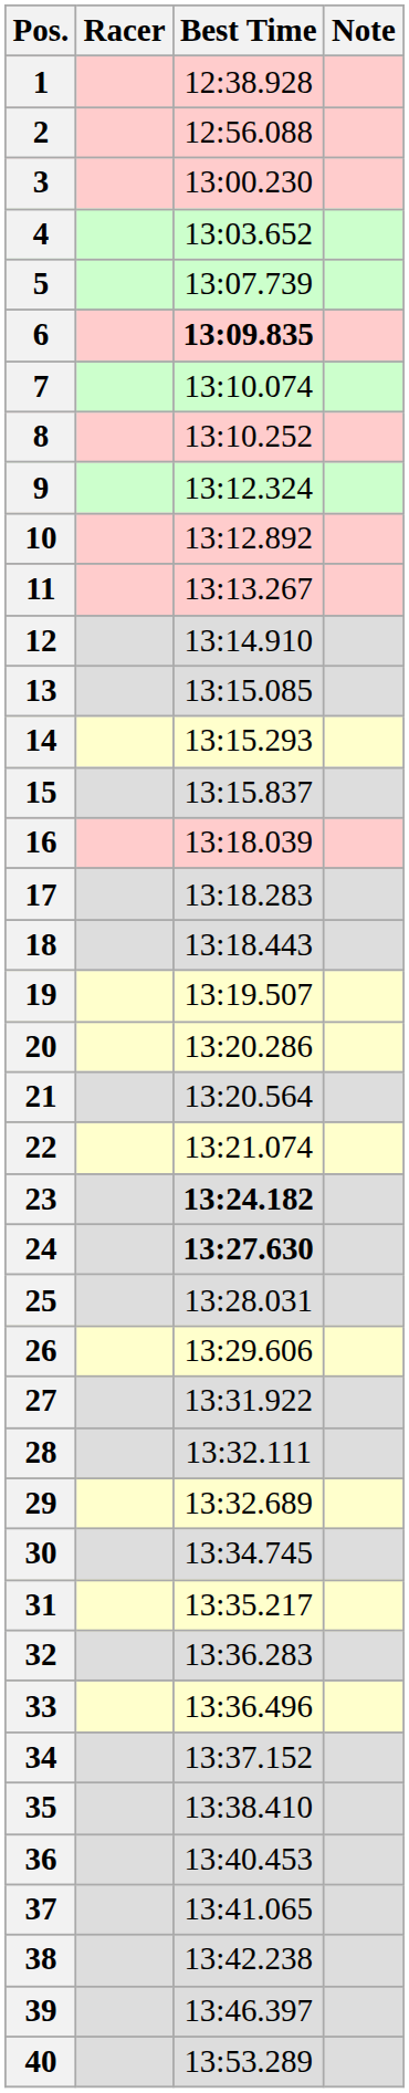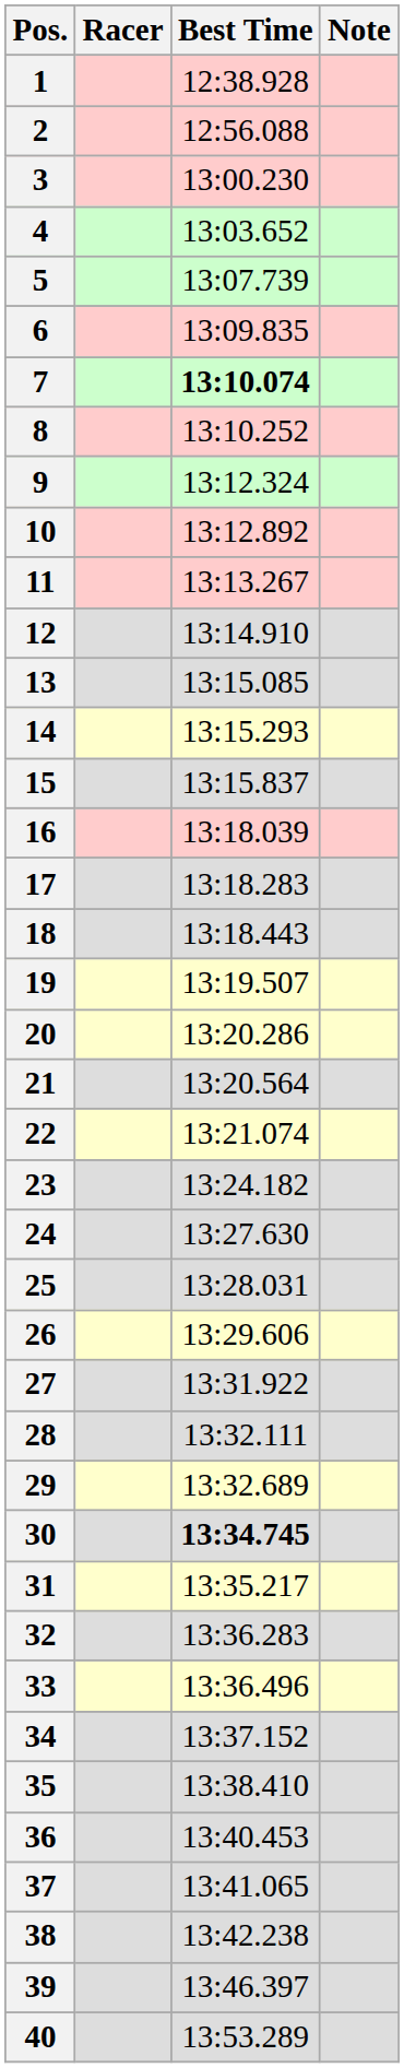 <table class="wikitable sortable plainrowheaders" style="text-align:center;">
 <tr>
 <th scope="col">Pos.</th>
 <th scope="col">Racer</th>
 <th scope="col">Best Time</th>
 <th scope="col">Note</th>
 </tr>
 <tr bgcolor=#ffcccc>
 <th style="text - align:center; ">1</th>
 <td align="left"></td>
 <td>12:38.928</td>
 <td></td>
 </tr>
 <tr bgcolor=#ffcccc>
 <th style="text - align:center; ">2</th>
 <td align="left"></td>
 <td>12:56.088</td>
 <td></td>
 </tr>
 <tr bgcolor=#ffcccc>
 <th style="text - align:center; ">3</th>
 <td align="left"></td>
 <td>13:00.230</td>
 <td></td>
 </tr>
 <tr bgcolor=#ccffcc>
 <th style="text - align:center; ">4</th>
 <td align="left"></td>
 <td>13:03.652</td>
 <td></td>
 </tr>
 <tr bgcolor=#ccffcc>
 <th style="text - align:center; ">5</th>
 <td align="left"></td>
 <td>13:07.739</td>
 <td></td>
 </tr>
 <tr bgcolor=#ffcccc>
 <th style="text - align:center; ">6</th>
 <td align="left"></td>
-<td><strong>13:09.835</strong></td>
+<td>13:09.835</td>
 <td></td>
 </tr>
 <tr bgcolor=#ccffcc>
 <th style="text - align:center; ">7</th>
 <td align="left"></td>
-<td>13:10.074</td>
+<td><strong>13:10.074</strong></td>
 <td></td>
 </tr>
 <tr bgcolor=#ffcccc>
 <th style="text - align:center; ">8</th>
 <td align="left"></td>
 <td>13:10.252</td>
 <td></td>
 </tr>
 <tr bgcolor=#ccffcc>
 <th style="text - align:center; ">9</th>
 <td align="left"></td>
 <td>13:12.324</td>
 <td></td>
 </tr>
 <tr bgcolor=#ffcccc>
 <th style="text - align:center; ">10</th>
 <td align="left"></td>
 <td>13:12.892</td>
 <td></td>
 </tr>
 <tr bgcolor=#ffcccc>
 <th style="text - align:center; ">11</th>
 <td align="left"></td>
 <td>13:13.267</td>
 <td></td>
 </tr>
 <tr bgcolor=#dddddd>
 <th style="text - align:center; ">12</th>
 <td align="left"></td>
 <td>13:14.910</td>
 <td></td>
 </tr>
 <tr bgcolor=#dddddd>
 <th style="text - align:center; ">13</th>
 <td align="left"></td>
 <td>13:15.085</td>
 <td></td>
 </tr>
 <tr bgcolor=#ffffcc>
 <th style="text - align:center; ">14</th>
 <td align="left"></td>
 <td>13:15.293</td>
 <td></td>
 </tr>
 <tr bgcolor=#dddddd>
 <th style="text - align:center; ">15</th>
 <td align="left"></td>
 <td>13:15.837</td>
 <td></td>
 </tr>
 <tr bgcolor=#ffcccc>
 <th style="text - align:center; ">16</th>
 <td align="left"></td>
 <td>13:18.039</td>
 <td></td>
 </tr>
 <tr bgcolor=#dddddd>
 <th style="text - align:center; ">17</th>
 <td align="left"></td>
 <td>13:18.283</td>
 <td></td>
 </tr>
 <tr bgcolor=#dddddd>
 <th style="text - align:center; ">18</th>
 <td align="left"></td>
 <td>13:18.443</td>
 <td></td>
 </tr>
 <tr bgcolor=#ffffcc>
 <th style="text - align:center; ">19</th>
 <td align="left"></td>
 <td>13:19.507</td>
 <td></td>
 </tr>
 <tr bgcolor=#ffffcc>
 <th style="text - align:center; ">20</th>
 <td align="left"></td>
 <td>13:20.286</td>
 <td></td>
 </tr>
 <tr bgcolor=#dddddd>
 <th style="text - align:center; ">21</th>
 <td align="left"></td>
 <td>13:20.564</td>
 <td></td>
 </tr>
 <tr bgcolor=#ffffcc>
 <th style="text - align:center; ">22</th>
 <td align="left"></td>
 <td>13:21.074</td>
 <td></td>
 </tr>
 <tr bgcolor=#dddddd>
 <th style="text - align:center; ">23</th>
 <td align="left"></td>
-<td><strong>13:24.182</strong></td>
+<td>13:24.182</td>
 <td></td>
 </tr>
 <tr bgcolor=#dddddd>
 <th style="text - align:center; ">24</th>
 <td align="left"></td>
-<td><strong>13:27.630</strong></td>
+<td>13:27.630</td>
 <td></td>
 </tr>
 <tr bgcolor=#dddddd>
 <th style="text - align:center; ">25</th>
 <td align="left"></td>
 <td>13:28.031</td>
 <td></td>
 </tr>
 <tr bgcolor=#ffffcc>
 <th style="text - align:center; ">26</th>
 <td align="left"></td>
 <td>13:29.606</td>
 <td></td>
 </tr>
 <tr bgcolor=#dddddd>
 <th style="text - align:center; ">27</th>
 <td align="left"></td>
 <td>13:31.922</td>
 <td></td>
 </tr>
 <tr bgcolor=#dddddd>
 <th style="text - align:center; ">28</th>
 <td align="left"></td>
 <td>13:32.111</td>
 <td></td>
 </tr>
 <tr bgcolor=#ffffcc>
 <th style="text - align:center; ">29</th>
 <td align="left"></td>
 <td>13:32.689</td>
 <td></td>
 </tr>
 <tr bgcolor=#dddddd>
 <th style="text - align:center; ">30</th>
 <td align="left"></td>
-<td>13:34.745</td>
+<td><strong>13:34.745</strong></td>
 <td></td>
 </tr>
 <tr bgcolor=#ffffcc>
 <th style="text - align:center; ">31</th>
 <td align="left"></td>
 <td>13:35.217</td>
 <td></td>
 </tr>
 <tr bgcolor=#dddddd>
 <th style="text - align:center; ">32</th>
 <td align="left"></td>
 <td>13:36.283</td>
 <td></td>
 </tr>
 <tr bgcolor=#ffffcc>
 <th style="text - align:center; ">33</th>
 <td align="left"></td>
 <td>13:36.496</td>
 <td></td>
 </tr>
 <tr bgcolor=#dddddd>
 <th style="text - align:center; ">34</th>
 <td align="left"></td>
 <td>13:37.152</td>
 <td></td>
 </tr>
 <tr bgcolor=#dddddd>
 <th style="text - align:center; ">35</th>
 <td align="left"></td>
 <td>13:38.410</td>
 <td></td>
 </tr>
 <tr bgcolor=#dddddd>
 <th style="text - align:center; ">36</th>
 <td align="left"></td>
 <td>13:40.453</td>
 <td></td>
 </tr>
 <tr bgcolor=#dddddd>
 <th style="text - align:center; ">37</th>
 <td align="left"></td>
 <td>13:41.065</td>
 <td></td>
 </tr>
 <tr bgcolor=#dddddd>
 <th style="text - align:center; ">38</th>
 <td align="left"></td>
 <td>13:42.238</td>
 <td></td>
 </tr>
 <tr bgcolor=#dddddd>
 <th style="text - align:center; ">39</th>
 <td align="left"></td>
 <td>13:46.397</td>
 <td></td>
 </tr>
 <tr bgcolor=#dddddd>
 <th style="text - align:center; ">40</th>
 <td align="left"></td>
 <td>13:53.289</td>
 <td></td>
 </tr>
 </table>
